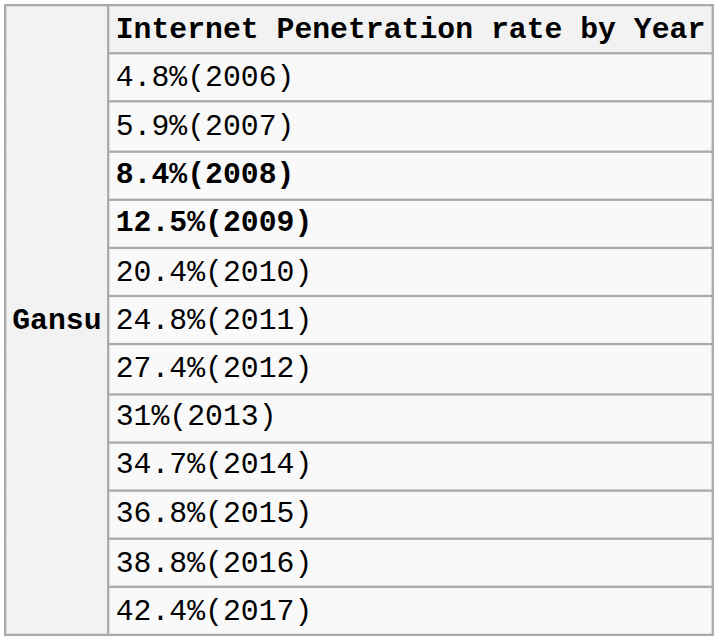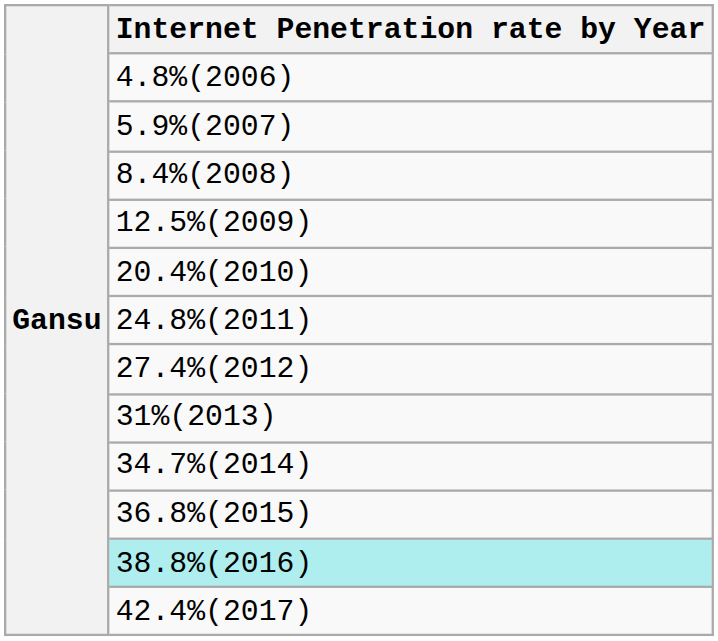 <table class="wikitable">
 <tr>
 <th rowspan="13">Gansu</th>
 <th>Internet Penetration rate by Year</th>
 </tr>
 <tr>
 <td>4.8%(2006)</td>
 </tr>
 <tr>
 <td>5.9%(2007)</td>
 </tr>
 <tr>
-<td><strong>8.4%(2008)</strong></td>
+<td>8.4%(2008)</td>
 </tr>
 <tr>
-<td><strong>12.5%(2009)</strong></td>
+<td>12.5%(2009)</td>
 </tr>
 <tr>
 <td>20.4%(2010)</td>
 </tr>
 <tr>
 <td>24.8%(2011)</td>
 </tr>
 <tr>
 <td>27.4%(2012)</td>
 </tr>
 <tr>
 <td>31%(2013)</td>
 </tr>
 <tr>
 <td>34.7%(2014)</td>
 </tr>
 <tr>
 <td>36.8%(2015)</td>
 </tr>
 <tr>
-<td>38.8%(2016)</td>
+<td style="background: paleturquoise;">38.8%(2016)</td>
 </tr>
 <tr>
 <td>42.4%(2017)</td>
 </tr>
 </table>
